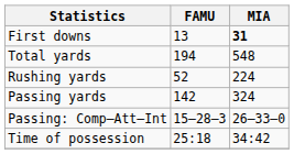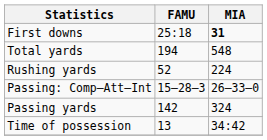 <table class="wikitable" style="float: left;">
 <tr>
 <th>Statistics</th>
 <th>FAMU</th>
 <th>MIA</th>
 </tr>
 <tr>
 <td>First downs</td>
-<td>13</td>
+<td>25:18</td>
 <td><strong>31</strong></td>
 </tr>
 <tr>
 <td>Total yards</td>
 <td>194</td>
 <td>548</td>
 </tr>
 <tr>
 <td>Rushing yards</td>
 <td>52</td>
 <td>224</td>
 </tr>
 <tr>
+<td>Passing: Comp–Att–Int</td>
+<td>15–28–3</td>
+<td>26–33–0</td>
+</tr>
+<tr>
 <td>Passing yards</td>
 <td>142</td>
 <td>324</td>
 </tr>
 <tr>
-<td>Passing: Comp–Att–Int</td>
-<td>15–28–3</td>
-<td>26–33–0</td>
-</tr>
-<tr>
 <td>Time of possession</td>
-<td>25:18</td>
+<td>13</td>
 <td>34:42</td>
 </tr>
 <tr>
 </tr>
 </table>
